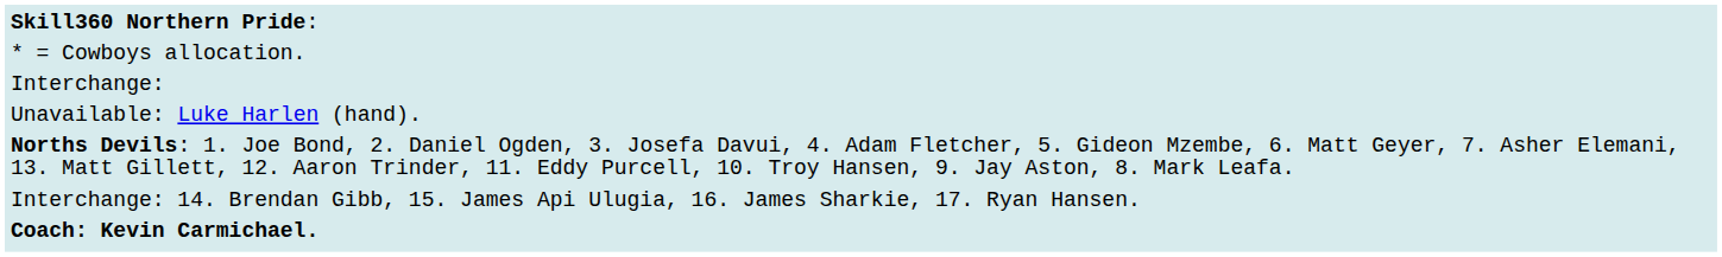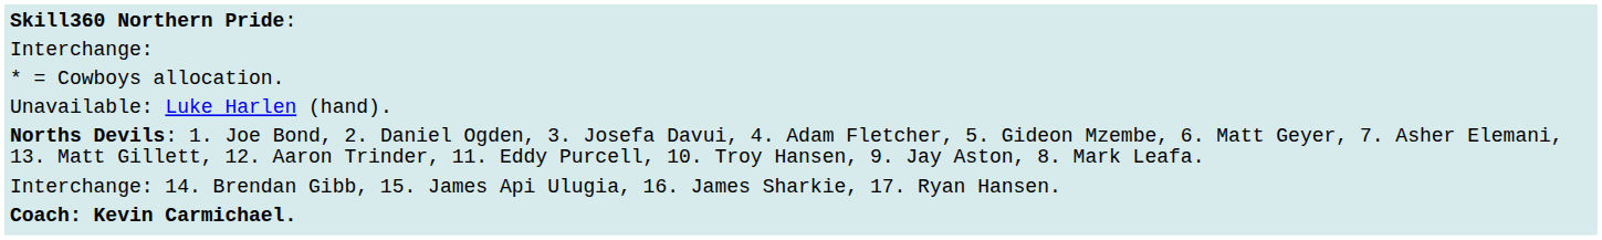 <table style="background:#d7ebed; font-size:85%; width:100%;">
 <tr>
 <td><strong>Skill360 Northern Pride</strong>:             </td>
 </tr>
 <tr>
-<td>* = Cowboys allocation.</td>
+<td>Interchange:    </td>
 </tr>
 <tr>
-<td>Interchange:    </td>
+<td>* = Cowboys allocation.</td>
 </tr>
 <tr>
 <td>Unavailable: <a href='#'>Luke Harlen</a> (hand).</td>
 </tr>
 <tr>
 <td><strong>Norths Devils</strong>: 1. Joe Bond, 2. Daniel Ogden, 3. Josefa Davui, 4. Adam Fletcher, 5. Gideon Mzembe, 6. Matt Geyer, 7. Asher Elemani, 13. Matt Gillett, 12. Aaron Trinder, 11. Eddy Purcell, 10. Troy Hansen, 9. Jay Aston, 8. Mark Leafa.</td>
 </tr>
 <tr>
 <td>Interchange: 14. Brendan Gibb, 15. James Api Ulugia, 16. James Sharkie, 17. Ryan Hansen.</td>
 </tr>
 <tr>
 <td><strong>Coach: Kevin Carmichael.</strong></td>
 </tr>
 <tr>
 </tr>
 </table>
